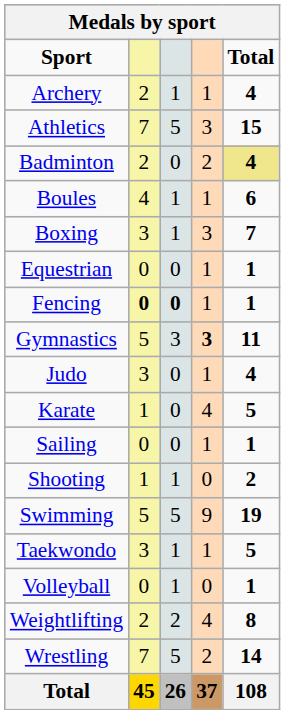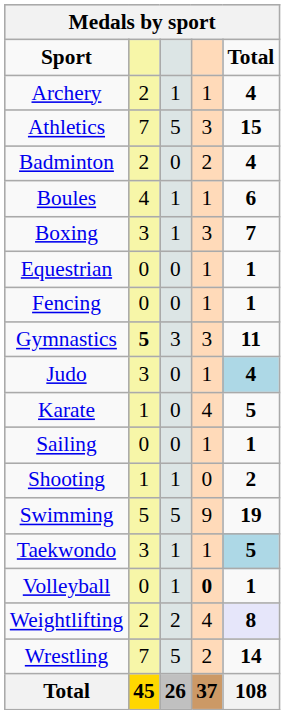 <table class="wikitable" style="font-size:85%">
 <tr style="background:#efefef;">
 <th colspan=7><strong>Medals by sport</strong></th>
 </tr>
 <tr align=center>
 <td><strong>Sport</strong></td>
 <td bgcolor=#f7f6a8></td>
 <td bgcolor=#dce5e5></td>
 <td bgcolor=#ffdab9></td>
 <td><strong>Total</strong></td>
 </tr>
 <tr align=center>
 <td><a href='#'>Archery</a></td>
 <td style="background:#F7F6A8;">2</td>
 <td style="background:#DCE5E5;">1</td>
 <td style="background:#FFDAB9;">1</td>
 <td><strong>4</strong></td>
 </tr>
 <tr align=center>
 <td><a href='#'>Athletics</a></td>
 <td style="background:#F7F6A8;">7</td>
 <td style="background:#DCE5E5;">5</td>
 <td style="background:#FFDAB9;">3</td>
 <td><strong>15</strong></td>
 </tr>
 <tr align=center>
 <td><a href='#'>Badminton</a></td>
 <td style="background:#F7F6A8;">2</td>
 <td style="background:#DCE5E5;">0</td>
 <td style="background:#FFDAB9;">2</td>
-<td style="background: khaki;"><strong>4</strong></td>
+<td><strong>4</strong></td>
 </tr>
 <tr align=center>
 <td><a href='#'>Boules</a></td>
 <td style="background:#F7F6A8;">4</td>
 <td style="background:#DCE5E5;">1</td>
 <td style="background:#FFDAB9;">1</td>
 <td><strong>6</strong></td>
 </tr>
 <tr align=center>
 <td><a href='#'>Boxing</a></td>
 <td style="background:#F7F6A8;">3</td>
 <td style="background:#DCE5E5;">1</td>
 <td style="background:#FFDAB9;">3</td>
 <td><strong>7</strong></td>
 </tr>
 <tr align=center>
 <td><a href='#'>Equestrian</a></td>
 <td style="background:#F7F6A8;">0</td>
 <td style="background:#DCE5E5;">0</td>
 <td style="background:#FFDAB9;">1</td>
 <td><strong>1</strong></td>
 </tr>
 <tr align=center>
 <td><a href='#'>Fencing</a></td>
-<td style="background:#F7F6A8;"><strong>0</strong></td>
-<td style="background:#DCE5E5;"><strong>0</strong></td>
+<td style="background:#F7F6A8;">0</td>
+<td style="background:#DCE5E5;">0</td>
 <td style="background:#FFDAB9;">1</td>
 <td><strong>1</strong></td>
 </tr>
 <tr align=center>
 <td><a href='#'>Gymnastics</a></td>
-<td style="background:#F7F6A8;">5</td>
+<td style="background:#F7F6A8;"><strong>5</strong></td>
 <td style="background:#DCE5E5;">3</td>
-<td style="background:#FFDAB9;"><strong>3</strong></td>
+<td style="background:#FFDAB9;">3</td>
 <td><strong>11</strong></td>
 </tr>
 <tr align=center>
 <td><a href='#'>Judo</a></td>
 <td style="background:#F7F6A8;">3</td>
 <td style="background:#DCE5E5;">0</td>
 <td style="background:#FFDAB9;">1</td>
-<td><strong>4</strong></td>
+<td style="background: lightblue;"><strong>4</strong></td>
 </tr>
 <tr align=center>
 <td><a href='#'>Karate</a></td>
 <td style="background:#F7F6A8;">1</td>
 <td style="background:#DCE5E5;">0</td>
 <td style="background:#FFDAB9;">4</td>
 <td><strong>5</strong></td>
 </tr>
 <tr align=center>
 <td><a href='#'>Sailing</a></td>
 <td style="background:#F7F6A8;">0</td>
 <td style="background:#DCE5E5;">0</td>
 <td style="background:#FFDAB9;">1</td>
 <td><strong>1</strong></td>
 </tr>
 <tr align=center>
 <td><a href='#'>Shooting</a></td>
 <td style="background:#F7F6A8;">1</td>
 <td style="background:#DCE5E5;">1</td>
 <td style="background:#FFDAB9;">0</td>
 <td><strong>2</strong></td>
 </tr>
 <tr align=center>
 <td><a href='#'>Swimming</a></td>
 <td style="background:#F7F6A8;">5</td>
 <td style="background:#DCE5E5;">5</td>
 <td style="background:#FFDAB9;">9</td>
 <td><strong>19</strong></td>
 </tr>
 <tr align=center>
 <td><a href='#'>Taekwondo</a></td>
 <td style="background:#F7F6A8;">3</td>
 <td style="background:#DCE5E5;">1</td>
 <td style="background:#FFDAB9;">1</td>
-<td><strong>5</strong></td>
+<td style="background: lightblue;"><strong>5</strong></td>
 </tr>
 <tr align=center>
 <td><a href='#'>Volleyball</a></td>
 <td style="background:#F7F6A8;">0</td>
 <td style="background:#DCE5E5;">1</td>
-<td style="background:#FFDAB9;">0</td>
+<td style="background:#FFDAB9;"><strong>0</strong></td>
 <td><strong>1</strong></td>
 </tr>
 <tr align=center>
 <td><a href='#'>Weightlifting</a></td>
 <td style="background:#F7F6A8;">2</td>
 <td style="background:#DCE5E5;">2</td>
 <td style="background:#FFDAB9;">4</td>
-<td><strong>8</strong></td>
+<td style="background: lavender;"><strong>8</strong></td>
 </tr>
 <tr align=center>
 <td><a href='#'>Wrestling</a></td>
 <td style="background:#F7F6A8;">7</td>
 <td style="background:#DCE5E5;">5</td>
 <td style="background:#FFDAB9;">2</td>
 <td><strong>14</strong></td>
 </tr>
 <tr align=center>
 <th><strong>Total</strong></th>
 <th style="background:gold;"><strong>45</strong></th>
 <th style="background:silver;"><strong>26</strong></th>
 <th style="background:#c96;"><strong>37</strong></th>
 <th><strong>108</strong></th>
 </tr>
 </table>
